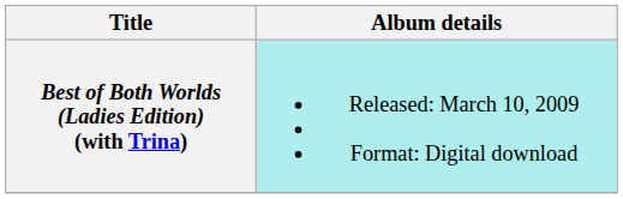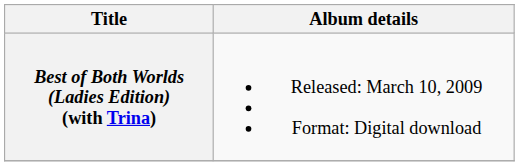 <table class="wikitable plainrowheaders" style="text-align:center;">
 <tr>
 <th scope="col" style="width:11em;">Title</th>
 <th scope="col" style="width:16em;">Album details</th>
 </tr>
 <tr>
 <th scope="row"><em>Best of Both Worlds (Ladies Edition)</em><br><span>(with <a href='#'>Trina</a>)</span></th>
-<td style="background: paleturquoise;"><br><ul><li>Released: March 10, 2009</li><li></li><li>Format: Digital download</li></ul></td>
+<td><br><ul><li>Released: March 10, 2009</li><li></li><li>Format: Digital download</li></ul></td>
 </tr>
 <tr>
 </tr>
 </table>
